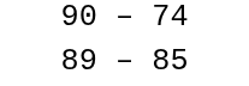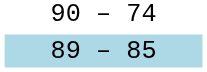 <table style="text-align:center">
 <tr>
 <th width=200></th>
 <th width=100></th>
 <th width=200></th>
 <th></th>
 </tr>
 <tr>
 <td align=right><strong></strong></td>
 <td>90 – 74</td>
 <td align=left></td>
 </tr>
 <tr>
 <td align=right><strong></strong></td>
-<td>89 – 85</td>
+<td style="background: lightblue;">89 – 85</td>
 <td align=left></td>
 </tr>
 </table>
